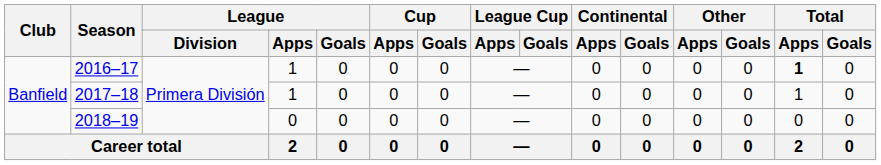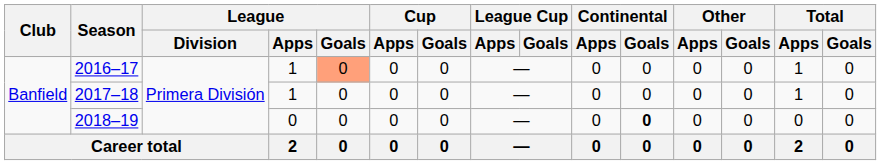 <table class="wikitable" style="text-align:center">
 <tr>
 <th rowspan="2">Club</th>
 <th rowspan="2">Season</th>
 <th colspan="3">League</th>
 <th colspan="2">Cup</th>
 <th colspan="2">League Cup</th>
 <th colspan="2">Continental</th>
 <th colspan="2">Other</th>
 <th colspan="2">Total</th>
 </tr>
 <tr>
 <th>Division</th>
 <th>Apps</th>
 <th>Goals</th>
 <th>Apps</th>
 <th>Goals</th>
 <th>Apps</th>
 <th>Goals</th>
 <th>Apps</th>
 <th>Goals</th>
 <th>Apps</th>
 <th>Goals</th>
 <th>Apps</th>
 <th>Goals</th>
 </tr>
 <tr>
 <td rowspan="3"><a href='#'>Banfield</a></td>
 <td><a href='#'>2016–17</a></td>
 <td rowspan="3"><a href='#'>Primera División</a></td>
 <td>1</td>
-<td>0</td>
+<td style="background: lightsalmon;">0</td>
 <td>0</td>
 <td>0</td>
 <td colspan="2">—</td>
 <td>0</td>
 <td>0</td>
 <td>0</td>
 <td>0</td>
-<td><strong>1</strong></td>
+<td>1</td>
 <td>0</td>
 </tr>
 <tr>
 <td><a href='#'>2017–18</a></td>
 <td>1</td>
 <td>0</td>
 <td>0</td>
 <td>0</td>
 <td colspan="2">—</td>
 <td>0</td>
 <td>0</td>
 <td>0</td>
 <td>0</td>
 <td>1</td>
 <td>0</td>
 </tr>
 <tr>
 <td><a href='#'>2018–19</a></td>
 <td>0</td>
 <td>0</td>
 <td>0</td>
 <td>0</td>
 <td colspan="2">—</td>
 <td>0</td>
-<td>0</td>
+<td><strong>0</strong></td>
 <td>0</td>
 <td>0</td>
 <td>0</td>
 <td>0</td>
 </tr>
 <tr>
 <th colspan="3">Career total</th>
 <th>2</th>
 <th>0</th>
 <th>0</th>
 <th>0</th>
 <th colspan="2">—</th>
 <th>0</th>
 <th>0</th>
 <th>0</th>
 <th>0</th>
 <th>2</th>
 <th>0</th>
 </tr>
 </table>
